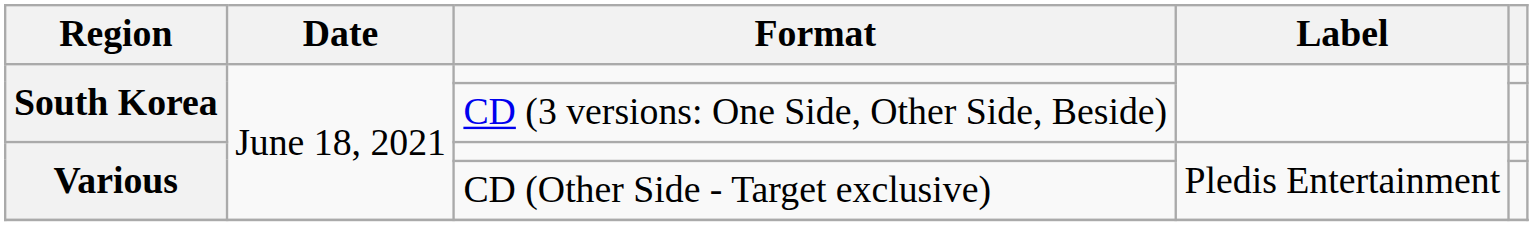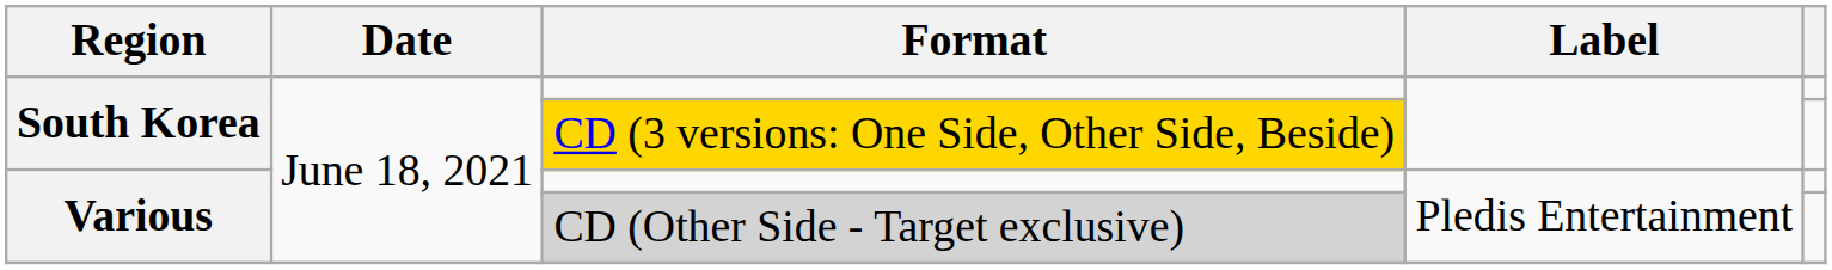 <table class="wikitable plainrowheaders">
 <tr>
 <th>Region</th>
 <th>Date</th>
 <th>Format</th>
 <th>Label</th>
 <th></th>
 </tr>
 <tr>
 <th rowspan="2" scope="row">South Korea</th>
 <td rowspan="4">June 18, 2021</td>
 <td></td>
 <td rowspan="2"></td>
 <td style="text-align:center;"></td>
 </tr>
 <tr>
-<td><a href='#'>CD</a> (3 versions: One Side, Other Side, Beside)</td>
+<td style="background: gold;"><a href='#'>CD</a> (3 versions: One Side, Other Side, Beside)</td>
 <td style="text-align:center;"></td>
 </tr>
 <tr>
 <th rowspan="2" scope="row">Various</th>
 <td></td>
 <td rowspan="2">Pledis Entertainment</td>
 <td style="text-align:center;"></td>
 </tr>
 <tr>
-<td>CD (Other Side - Target exclusive)</td>
+<td style="background: lightgrey;">CD (Other Side - Target exclusive)</td>
 <td style="text-align:center;"></td>
 </tr>
 <tr>
 </tr>
 </table>
